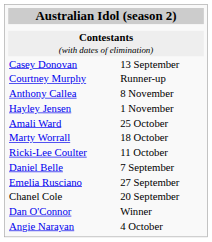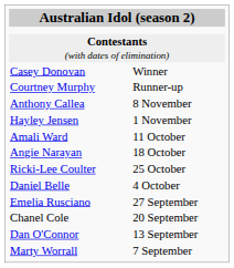 <table class=infobox style=width:19em>
 <tr>
 <td colspan="2" style="background:#ccc; text-align:center;"><big><strong>Australian Idol (season 2)</strong></big></td>
 </tr>
 <tr>
 <td colspan="2" style="text-align:center;"></td>
 </tr>
 <tr>
 <td colspan="2" style="text-align:center;"></td>
 </tr>
 <tr>
 <td colspan="2" style="background:#eee; text-align:center;"><strong>Contestants</strong><br><small><em>(with dates of elimination)</em></small></td>
 </tr>
 <tr>
 <td><a href='#'>Casey Donovan</a></td>
-<td>13 September</td>
+<td>Winner</td>
 </tr>
 <tr>
 <td><a href='#'>Courtney Murphy</a></td>
 <td>Runner-up</td>
 </tr>
 <tr>
 <td><a href='#'>Anthony Callea</a></td>
 <td>8 November</td>
 </tr>
 <tr>
 <td><a href='#'>Hayley Jensen</a></td>
 <td>1 November</td>
 </tr>
 <tr>
 <td><a href='#'>Amali Ward</a></td>
-<td>25 October</td>
+<td>11 October</td>
 </tr>
 <tr>
-<td><a href='#'>Marty Worrall</a></td>
+<td><a href='#'>Angie Narayan</a></td>
 <td>18 October</td>
 </tr>
 <tr>
 <td><a href='#'>Ricki-Lee Coulter</a></td>
-<td>11 October</td>
+<td>25 October</td>
 </tr>
 <tr>
 <td><a href='#'>Daniel Belle</a></td>
-<td>7 September</td>
+<td>4 October</td>
 </tr>
 <tr>
 <td><a href='#'>Emelia Rusciano</a></td>
 <td>27 September</td>
 </tr>
 <tr>
 <td>Chanel Cole</td>
 <td>20 September</td>
 </tr>
 <tr>
 <td><a href='#'>Dan O'Connor</a></td>
-<td>Winner</td>
+<td>13 September</td>
 </tr>
 <tr>
-<td><a href='#'>Angie Narayan</a></td>
-<td>4 October</td>
+<td><a href='#'>Marty Worrall</a></td>
+<td>7 September</td>
 </tr>
 </table>
